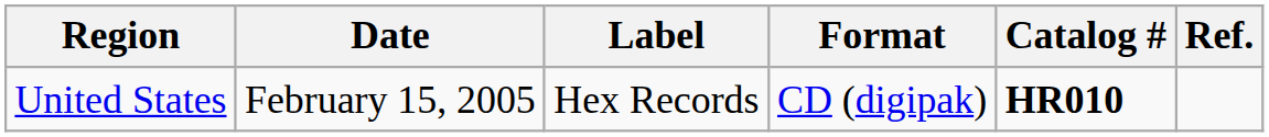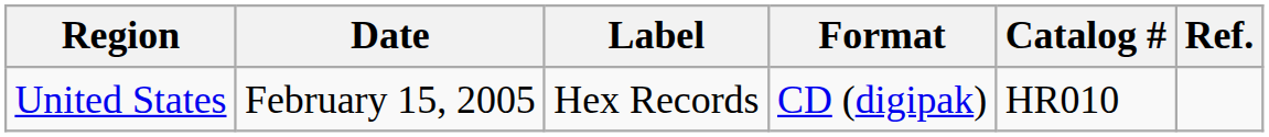 <table class="wikitable">
 <tr>
 <th scope="col">Region</th>
 <th scope="col">Date</th>
 <th scope="col">Label</th>
 <th scope="col">Format</th>
 <th scope="col">Catalog #</th>
 <th scope="col">Ref.</th>
 </tr>
 <tr>
 <td rowspan="2"> <a href='#'>United States</a></td>
 <td>February 15, 2005</td>
 <td>Hex Records</td>
 <td><a href='#'>CD</a> (<a href='#'>digipak</a>)</td>
-<td><strong>HR010</strong></td>
+<td>HR010</td>
 <td></td>
 </tr>
 </table>
